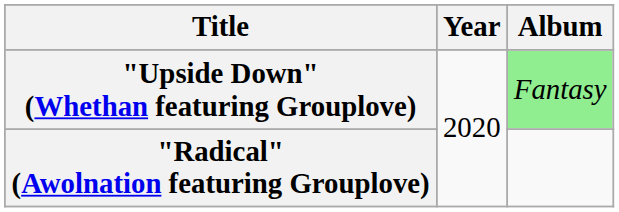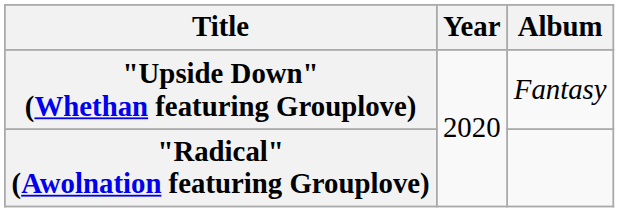 <table class="wikitable plainrowheaders" style="text-align:center;">
 <tr>
 <th scope="col">Title</th>
 <th scope="col">Year</th>
 <th scope="col">Album</th>
 </tr>
 <tr>
 <th scope="row">"Upside Down"<br><span>(<a href='#'>Whethan</a> featuring Grouplove)</span></th>
 <td rowspan="2">2020</td>
-<td style="background: lightgreen;"><em>Fantasy</em></td>
+<td><em>Fantasy</em></td>
 </tr>
 <tr>
 <th scope="row">"Radical"<br><span>(<a href='#'>Awolnation</a> featuring Grouplove)</span></th>
 <td></td>
 </tr>
 </table>
